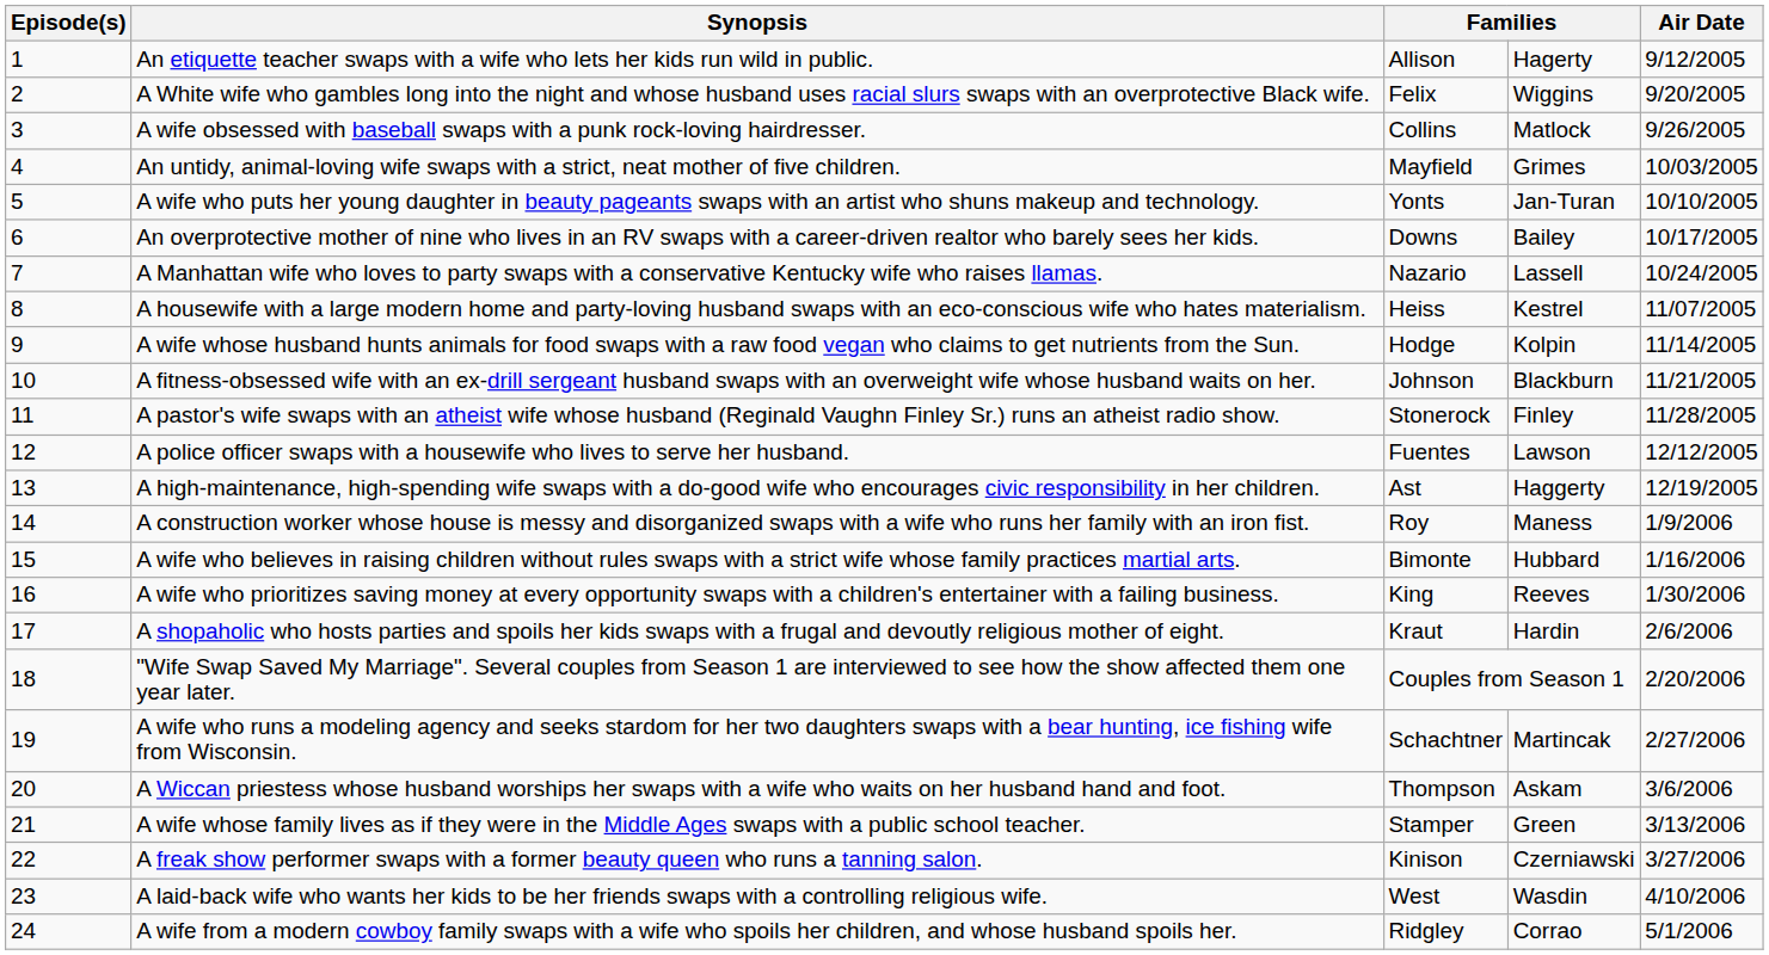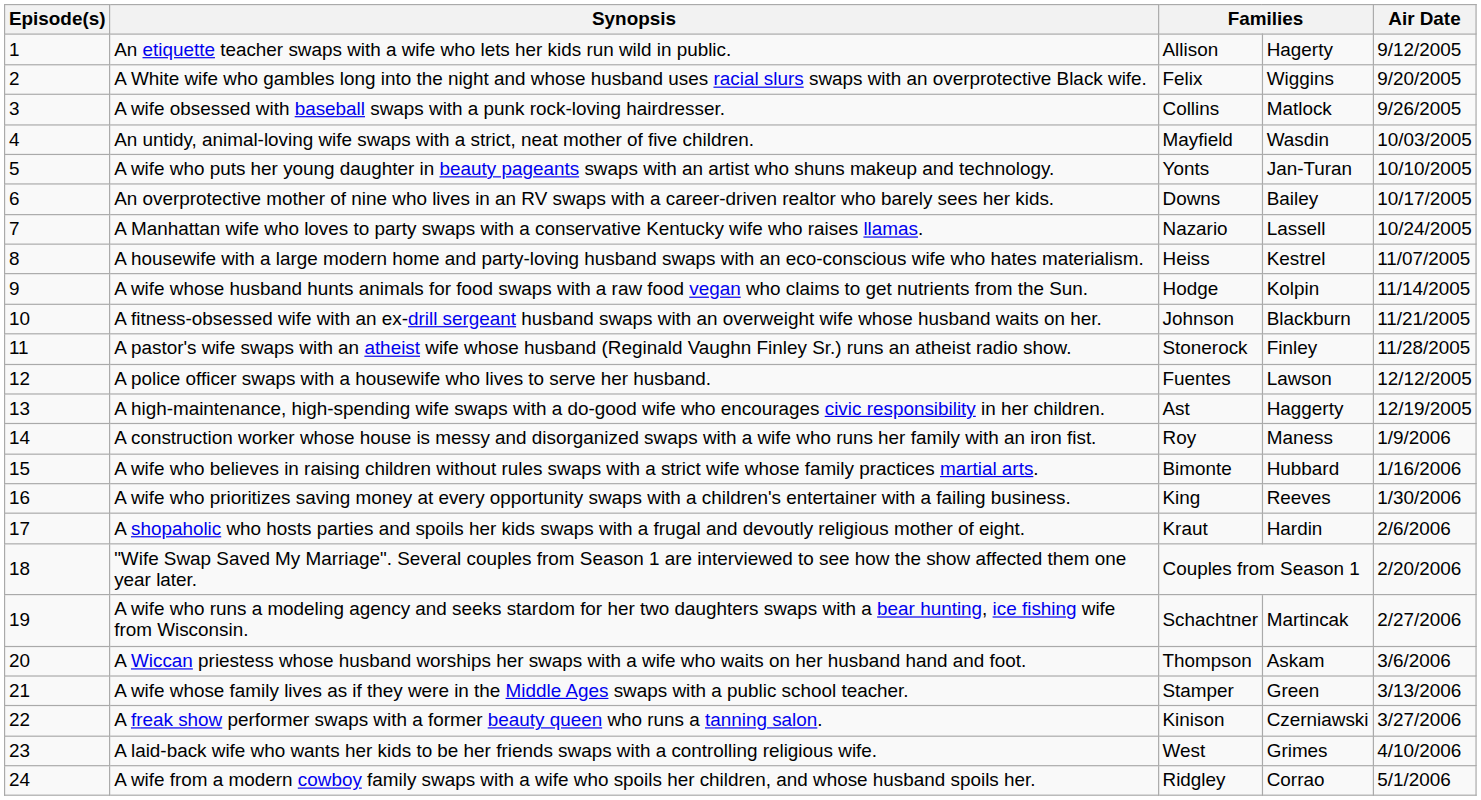 <table class="wikitable">
 <tr>
 <th>Episode(s)</th>
 <th>Synopsis</th>
 <th colspan="2">Families</th>
 <th>Air Date</th>
 </tr>
 <tr>
 <td>1</td>
 <td>An <a href='#'>etiquette</a> teacher swaps with a wife who lets her kids run wild in public.</td>
 <td>Allison</td>
 <td>Hagerty</td>
 <td>9/12/2005</td>
 </tr>
 <tr>
 <td>2</td>
 <td>A White wife who gambles long into the night and whose husband uses <a href='#'>racial slurs</a> swaps with an overprotective Black wife.</td>
 <td>Felix</td>
 <td>Wiggins</td>
 <td>9/20/2005</td>
 </tr>
 <tr>
 <td>3</td>
 <td>A wife obsessed with <a href='#'>baseball</a> swaps with a punk rock-loving hairdresser.</td>
 <td>Collins</td>
 <td>Matlock</td>
 <td>9/26/2005</td>
 </tr>
 <tr>
 <td>4</td>
 <td>An untidy, animal-loving wife swaps with a strict, neat mother of five children.</td>
 <td>Mayfield</td>
-<td>Grimes</td>
+<td>Wasdin</td>
 <td>10/03/2005</td>
 </tr>
 <tr>
 <td>5</td>
 <td>A wife who puts her young daughter in <a href='#'>beauty pageants</a> swaps with an artist who shuns makeup and technology.</td>
 <td>Yonts</td>
 <td>Jan-Turan</td>
 <td>10/10/2005</td>
 </tr>
 <tr>
 <td>6</td>
 <td>An overprotective mother of nine who lives in an RV swaps with a career-driven realtor who barely sees her kids.</td>
 <td>Downs</td>
 <td>Bailey</td>
 <td>10/17/2005</td>
 </tr>
 <tr>
 <td>7</td>
 <td>A Manhattan wife who loves to party swaps with a conservative Kentucky wife who raises <a href='#'>llamas</a>.</td>
 <td>Nazario</td>
 <td>Lassell</td>
 <td>10/24/2005</td>
 </tr>
 <tr>
 <td>8</td>
 <td>A housewife with a large modern home and party-loving husband swaps with an eco-conscious wife who hates materialism.</td>
 <td>Heiss</td>
 <td>Kestrel</td>
 <td>11/07/2005</td>
 </tr>
 <tr>
 <td>9</td>
 <td>A wife whose husband hunts animals for food swaps with a raw food <a href='#'>vegan</a> who claims to get nutrients from the Sun.</td>
 <td>Hodge</td>
 <td>Kolpin</td>
 <td>11/14/2005</td>
 </tr>
 <tr>
 <td>10</td>
 <td>A fitness-obsessed wife with an ex-<a href='#'>drill sergeant</a> husband swaps with an overweight wife whose husband waits on her.</td>
 <td>Johnson</td>
 <td>Blackburn</td>
 <td>11/21/2005</td>
 </tr>
 <tr>
 <td>11</td>
 <td>A pastor's wife swaps with an <a href='#'>atheist</a> wife whose husband (Reginald Vaughn Finley Sr.) runs an atheist radio show.</td>
 <td>Stonerock</td>
 <td>Finley</td>
 <td>11/28/2005</td>
 </tr>
 <tr>
 <td>12</td>
 <td>A police officer swaps with a housewife who lives to serve her husband.</td>
 <td>Fuentes</td>
 <td>Lawson</td>
 <td>12/12/2005</td>
 </tr>
 <tr>
 <td>13</td>
 <td>A high-maintenance, high-spending wife swaps with a do-good wife who encourages <a href='#'>civic responsibility</a> in her children.</td>
 <td>Ast</td>
 <td>Haggerty</td>
 <td>12/19/2005</td>
 </tr>
 <tr>
 <td>14</td>
 <td>A construction worker whose house is messy and disorganized swaps with a wife who runs her family with an iron fist.</td>
 <td>Roy</td>
 <td>Maness</td>
 <td>1/9/2006</td>
 </tr>
 <tr>
 <td>15</td>
 <td>A wife who believes in raising children without rules swaps with a strict wife whose family practices <a href='#'>martial arts</a>.</td>
 <td>Bimonte</td>
 <td>Hubbard</td>
 <td>1/16/2006</td>
 </tr>
 <tr>
 <td>16</td>
 <td>A wife who prioritizes saving money at every opportunity swaps with a children's entertainer with a failing business.</td>
 <td>King</td>
 <td>Reeves</td>
 <td>1/30/2006</td>
 </tr>
 <tr>
 <td>17</td>
 <td>A <a href='#'>shopaholic</a> who hosts parties and spoils her kids swaps with a frugal and devoutly religious mother of eight.</td>
 <td>Kraut</td>
 <td>Hardin</td>
 <td>2/6/2006</td>
 </tr>
 <tr>
 <td>18</td>
 <td>"Wife Swap Saved My Marriage". Several couples from Season 1 are interviewed to see how the show affected them one year later.</td>
 <td colspan="2">Couples from Season 1</td>
 <td>2/20/2006</td>
 </tr>
 <tr>
 <td>19</td>
 <td>A wife who runs a modeling agency and seeks stardom for her two daughters swaps with a <a href='#'>bear hunting</a>, <a href='#'>ice fishing</a> wife from Wisconsin.</td>
 <td>Schachtner</td>
 <td>Martincak</td>
 <td>2/27/2006</td>
 </tr>
 <tr>
 <td>20</td>
 <td>A <a href='#'>Wiccan</a> priestess whose husband worships her swaps with a wife who waits on her husband hand and foot.</td>
 <td>Thompson</td>
 <td>Askam</td>
 <td>3/6/2006</td>
 </tr>
 <tr>
 <td>21</td>
 <td>A wife whose family lives as if they were in the <a href='#'>Middle Ages</a> swaps with a public school teacher.</td>
 <td>Stamper</td>
 <td>Green</td>
 <td>3/13/2006</td>
 </tr>
 <tr>
 <td>22</td>
 <td>A <a href='#'>freak show</a> performer swaps with a former <a href='#'>beauty queen</a> who runs a <a href='#'>tanning salon</a>.</td>
 <td>Kinison</td>
 <td>Czerniawski</td>
 <td>3/27/2006</td>
 </tr>
 <tr>
 <td>23</td>
 <td>A laid-back wife who wants her kids to be her friends swaps with a controlling religious wife.</td>
 <td>West</td>
-<td>Wasdin</td>
+<td>Grimes</td>
 <td>4/10/2006</td>
 </tr>
 <tr>
 <td>24</td>
 <td>A wife from a modern <a href='#'>cowboy</a> family swaps with a wife who spoils her children, and whose husband spoils her.</td>
 <td>Ridgley</td>
 <td>Corrao</td>
 <td>5/1/2006</td>
 </tr>
 </table>
